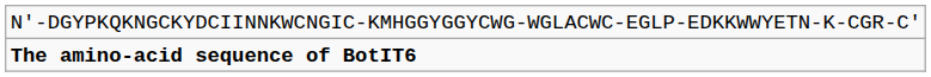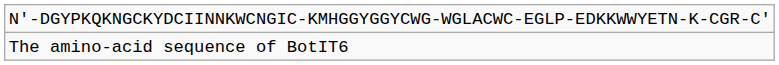 <table class="wikitable">
 <tr>
 <td>N'-DGYPKQKNGCKYDCIINNKWCNGIC-KMHGGYGGYCWG-WGLACWC-EGLP-EDKKWWYETN-K-CGR-C'</td>
 </tr>
 <tr>
-<td><strong>The amino-acid sequence of BotIT6 </strong></td>
+<td>The amino-acid sequence of BotIT6 </td>
 </tr>
 </table>
